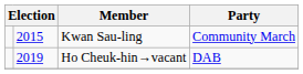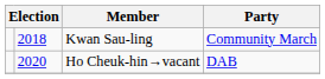 <table class="wikitable">
 <tr>
 <th colspan="2">Election</th>
 <th>Member</th>
 <th>Party</th>
 </tr>
 <tr>
 <td style="background-color:"></td>
-<td><a href='#'>2015</a></td>
+<td><a href='#'>2018</a></td>
 <td>Kwan Sau-ling</td>
 <td><a href='#'>Community March</a></td>
 </tr>
 <tr>
 <td style="background-color:"></td>
-<td><a href='#'>2019</a></td>
+<td><a href='#'>2020</a></td>
 <td>Ho Cheuk-hin→vacant</td>
 <td><a href='#'>DAB</a></td>
 </tr>
 <tr>
 </tr>
 </table>
